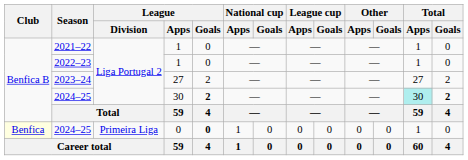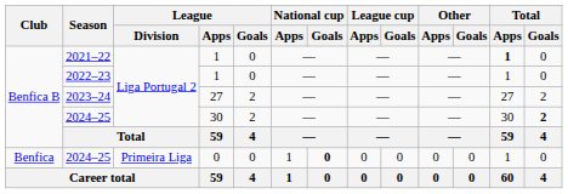 <table class="wikitable" style="text-align:center">
 <tr>
 <th rowspan="2">Club</th>
 <th rowspan="2">Season</th>
 <th colspan="3">League</th>
 <th colspan="2">National cup</th>
 <th colspan="2">League cup</th>
 <th colspan="2">Other</th>
 <th colspan="2">Total</th>
 </tr>
 <tr>
 <th>Division</th>
 <th>Apps</th>
 <th>Goals</th>
 <th>Apps</th>
 <th>Goals</th>
 <th>Apps</th>
 <th>Goals</th>
 <th>Apps</th>
 <th>Goals</th>
 <th>Apps</th>
 <th>Goals</th>
 </tr>
 <tr>
 <td rowspan="5"><a href='#'>Benfica B</a></td>
 <td><a href='#'>2021–22</a></td>
 <td rowspan="4"><a href='#'>Liga Portugal 2</a></td>
 <td>1</td>
 <td>0</td>
 <td colspan="2">—</td>
 <td colspan="2">—</td>
 <td colspan="2">—</td>
-<td>1</td>
+<td><strong>1</strong></td>
 <td>0</td>
 </tr>
 <tr>
 <td><a href='#'>2022–23</a></td>
 <td>1</td>
 <td>0</td>
 <td colspan="2">—</td>
 <td colspan="2">—</td>
 <td colspan="2">—</td>
 <td>1</td>
 <td>0</td>
 </tr>
 <tr>
 <td><a href='#'>2023–24</a></td>
 <td>27</td>
 <td>2</td>
 <td colspan="2">—</td>
 <td colspan="2">—</td>
 <td colspan="2">—</td>
 <td>27</td>
 <td>2</td>
 </tr>
 <tr>
 <td><a href='#'>2024–25</a></td>
 <td>30</td>
-<td><strong>2</strong></td>
+<td>2</td>
 <td colspan="2">—</td>
 <td colspan="2">—</td>
 <td colspan="2">—</td>
-<td style="background: paleturquoise;">30</td>
+<td>30</td>
 <td><strong>2</strong></td>
 </tr>
 <tr>
 <th colspan="2">Total</th>
 <th>59</th>
 <th>4</th>
 <th colspan="2">—</th>
 <th colspan="2">—</th>
 <th colspan="2">—</th>
 <th>59</th>
 <th>4</th>
 </tr>
 <tr>
-<td style="background: lightyellow;"><a href='#'>Benfica</a></td>
+<td><a href='#'>Benfica</a></td>
 <td><a href='#'>2024–25</a></td>
 <td><a href='#'>Primeira Liga</a></td>
 <td>0</td>
+<td>0</td>
+<td>1</td>
 <td><strong>0</strong></td>
-<td>1</td>
-<td>0</td>
 <td>0</td>
 <td>0</td>
 <td>0</td>
 <td>0</td>
 <td>1</td>
 <td>0</td>
 </tr>
 <tr>
 <th colspan="3">Career total</th>
 <th>59</th>
 <th>4</th>
 <th>1</th>
 <th>0</th>
 <th>0</th>
 <th>0</th>
 <th>0</th>
 <th>0</th>
 <th>60</th>
 <th>4</th>
 </tr>
 </table>
